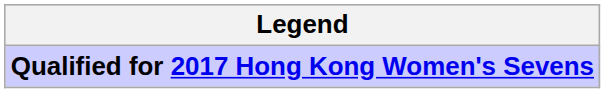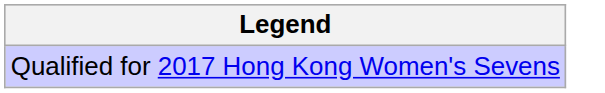 <table class="wikitable">
 <tr>
 <th>Legend</th>
 </tr>
 <tr bgcolor=ccccff>
-<td><strong>Qualified for <a href='#'>2017 Hong Kong Women's Sevens</a></strong></td>
+<td>Qualified for <a href='#'>2017 Hong Kong Women's Sevens</a></td>
 </tr>
 </table>
